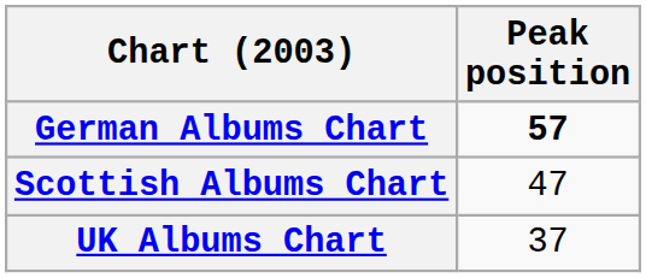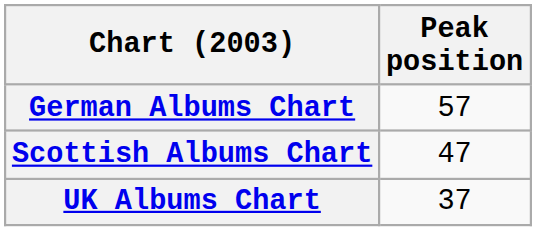 <table class="wikitable sortable plainrowheaders">
 <tr>
 <th>Chart (2003)</th>
 <th>Peak<br>position</th>
 </tr>
 <tr>
 <th scope="row"><a href='#'>German Albums Chart</a></th>
-<td style="text-align:center;"><strong>57</strong></td>
+<td style="text-align:center;">57</td>
 </tr>
 <tr>
 <th scope="row"><a href='#'>Scottish Albums Chart</a></th>
 <td style="text-align:center;">47</td>
 </tr>
 <tr>
 <th scope="row"><a href='#'>UK Albums Chart</a></th>
 <td style="text-align:center;">37</td>
 </tr>
 </table>
